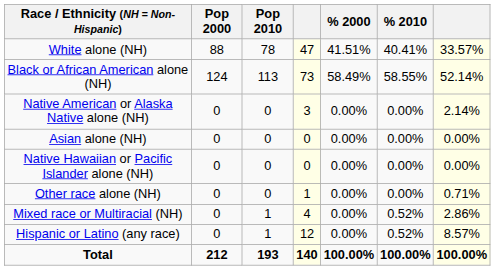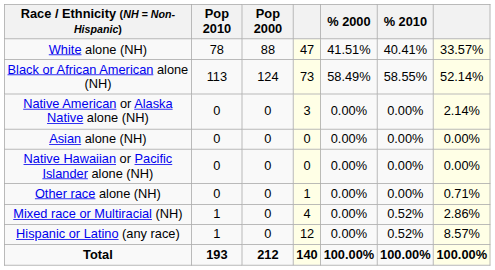 <table class="wikitable" style="text-align:center;">
 <tr>
 <th>Race / Ethnicity <small>(<em>NH = Non-Hispanic</em>)</small></th>
+<th>Pop 2010</th>
 <th>Pop 2000</th>
-<th>Pop 2010</th>
 <th></th>
 <th>% 2000</th>
 <th>% 2010</th>
 <th></th>
 </tr>
 <tr>
 <td><a href='#'>White</a> alone (NH)</td>
+<td>78</td>
 <td>88</td>
-<td>78</td>
 <td style='background: #ffffe6;'>47</td>
 <td>41.51%</td>
 <td>40.41%</td>
 <td style='background: #ffffe6;'>33.57%</td>
 </tr>
 <tr>
 <td><a href='#'>Black or African American</a> alone (NH)</td>
+<td>113</td>
 <td>124</td>
-<td>113</td>
 <td style='background: #ffffe6;'>73</td>
 <td>58.49%</td>
 <td>58.55%</td>
 <td style='background: #ffffe6;'>52.14%</td>
 </tr>
 <tr>
 <td><a href='#'>Native American</a> or <a href='#'>Alaska Native</a> alone (NH)</td>
 <td>0</td>
 <td>0</td>
 <td style='background: #ffffe6;'>3</td>
 <td>0.00%</td>
 <td>0.00%</td>
 <td style='background: #ffffe6;'>2.14%</td>
 </tr>
 <tr>
 <td><a href='#'>Asian</a> alone (NH)</td>
 <td>0</td>
 <td>0</td>
 <td style='background: #ffffe6;'>0</td>
 <td>0.00%</td>
 <td>0.00%</td>
 <td style='background: #ffffe6;'>0.00%</td>
 </tr>
 <tr>
 <td><a href='#'>Native Hawaiian</a> or <a href='#'>Pacific Islander</a> alone (NH)</td>
 <td>0</td>
 <td>0</td>
 <td style='background: #ffffe6;'>0</td>
 <td>0.00%</td>
 <td>0.00%</td>
 <td style='background: #ffffe6;'>0.00%</td>
 </tr>
 <tr>
 <td><a href='#'>Other race</a> alone (NH)</td>
 <td>0</td>
 <td>0</td>
 <td style='background: #ffffe6;'>1</td>
 <td>0.00%</td>
 <td>0.00%</td>
 <td style='background: #ffffe6;'>0.71%</td>
 </tr>
 <tr>
 <td><a href='#'>Mixed race or Multiracial</a> (NH)</td>
+<td>1</td>
 <td>0</td>
-<td>1</td>
 <td style='background: #ffffe6;'>4</td>
 <td>0.00%</td>
 <td>0.52%</td>
 <td style='background: #ffffe6;'>2.86%</td>
 </tr>
 <tr>
 <td><a href='#'>Hispanic or Latino</a> (any race)</td>
+<td>1</td>
 <td>0</td>
-<td>1</td>
 <td style='background: #ffffe6;'>12</td>
 <td>0.00%</td>
 <td>0.52%</td>
 <td style='background: #ffffe6;'>8.57%</td>
 </tr>
 <tr>
 <td><strong>Total</strong></td>
+<td><strong>193</strong></td>
 <td><strong>212</strong></td>
-<td><strong>193</strong></td>
 <td style='background: #ffffe6;'><strong>140</strong></td>
 <td><strong>100.00%</strong></td>
 <td><strong>100.00%</strong></td>
 <td style='background: #ffffe6;'><strong>100.00%</strong></td>
 </tr>
 </table>
